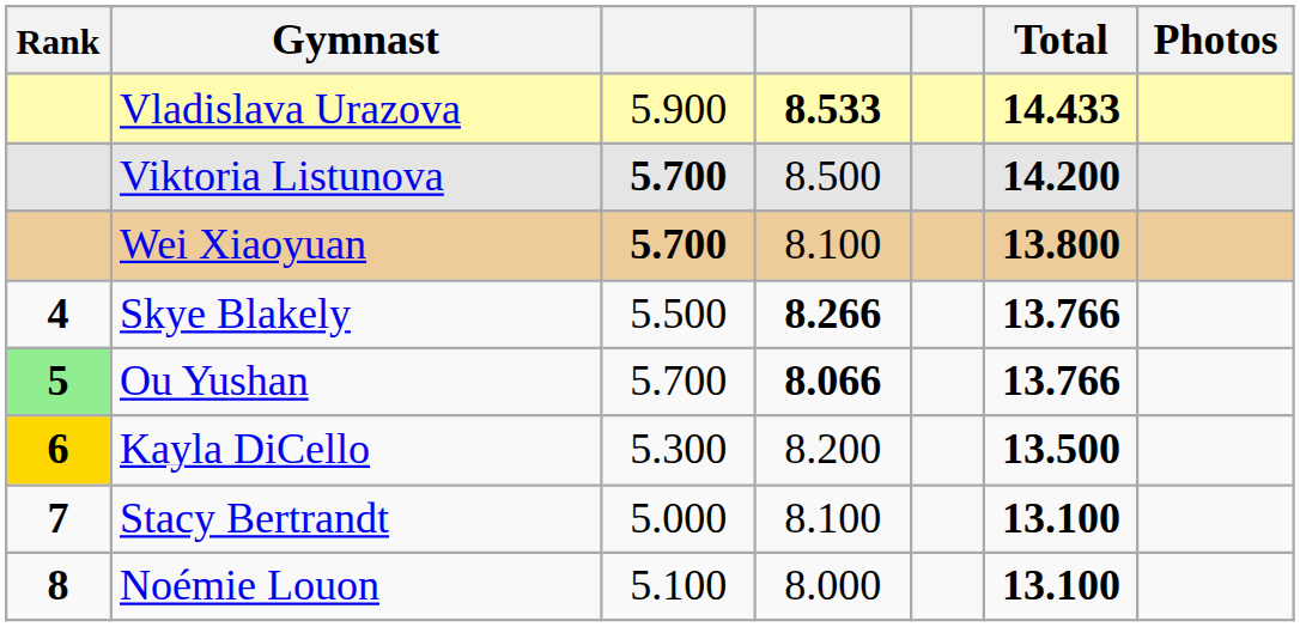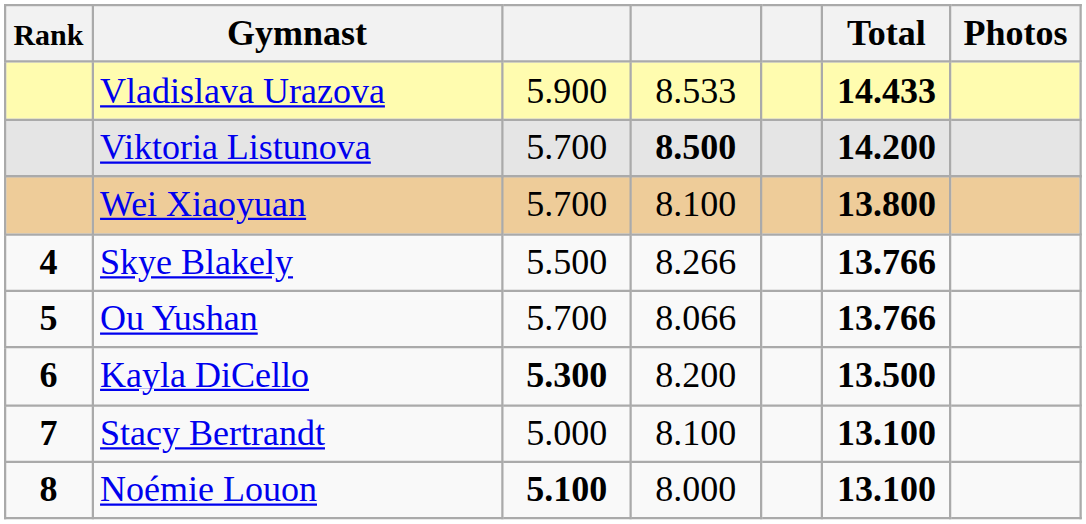 <table style="text-align:center;" class="wikitable sortable">
 <tr>
 <th scope="col" style="width:15px;"><small>Rank</small></th>
 <th scope="col" style="width:175px;">Gymnast</th>
 <th scope="col" style="width:50px;"><small></small></th>
 <th scope="col" style="width:50px;"><small></small></th>
 <th scope="col" style="width:20px;"><small></small></th>
 <th scope="col" style="width:50px;">Total</th>
 <th scope="col" style="width:50px;">Photos</th>
 </tr>
 <tr style="background:#fffcaf;">
 <td scope="row" style="text-align:center"><strong></strong></td>
 <td style="text-align:left;"> <a href='#'>Vladislava Urazova</a></td>
 <td>5.900</td>
-<td><strong>8.533</strong></td>
+<td>8.533</td>
 <td></td>
 <td><strong>14.433</strong></td>
 <td></td>
 </tr>
 <tr style="background:#e5e5e5;">
 <td scope="row" style="text-align:center"><strong></strong></td>
 <td style="text-align:left;"> <a href='#'>Viktoria Listunova</a></td>
-<td><strong>5.700</strong></td>
-<td>8.500</td>
+<td>5.700</td>
+<td><strong>8.500</strong></td>
 <td></td>
 <td><strong>14.200</strong></td>
 <td></td>
 </tr>
 <tr>
 </tr>
 <tr style="background:#ec9;">
 <td scope="row" style="text-align:center"><strong></strong></td>
 <td style="text-align:left;"> <a href='#'>Wei Xiaoyuan</a></td>
-<td><strong>5.700</strong></td>
+<td>5.700</td>
 <td>8.100</td>
 <td></td>
 <td><strong>13.800</strong></td>
 <td></td>
 </tr>
 <tr>
 <td scope="row" style="text-align:center"><strong>4</strong></td>
 <td style="text-align:left;"> <a href='#'>Skye Blakely</a></td>
 <td>5.500</td>
-<td><strong>8.266</strong></td>
+<td>8.266</td>
 <td></td>
 <td><strong>13.766</strong></td>
 <td></td>
 </tr>
 <tr>
-<td scope="row" style="background: lightgreen; text-align:center"><strong>5</strong></td>
+<td scope="row" style="text-align:center"><strong>5</strong></td>
 <td style="text-align:left;"> <a href='#'>Ou Yushan</a></td>
 <td>5.700</td>
-<td><strong>8.066</strong></td>
+<td>8.066</td>
 <td></td>
 <td><strong>13.766</strong></td>
 <td></td>
 </tr>
 <tr>
-<td scope="row" style="background: gold; text-align:center"><strong>6</strong></td>
+<td scope="row" style="text-align:center"><strong>6</strong></td>
 <td style="text-align:left;"> <a href='#'>Kayla DiCello</a></td>
-<td>5.300</td>
+<td><strong>5.300</strong></td>
 <td>8.200</td>
 <td></td>
 <td><strong>13.500</strong></td>
 <td></td>
 </tr>
 <tr>
 <td scope="row" style="text-align:center"><strong>7</strong></td>
 <td style="text-align:left;"> <a href='#'>Stacy Bertrandt</a></td>
 <td>5.000</td>
 <td>8.100</td>
 <td></td>
 <td><strong>13.100</strong></td>
 <td></td>
 </tr>
 <tr>
 <td scope="row" style="text-align:center"><strong>8</strong></td>
 <td style="text-align:left;"> <a href='#'>Noémie Louon</a></td>
-<td>5.100</td>
+<td><strong>5.100</strong></td>
 <td>8.000</td>
 <td></td>
 <td><strong>13.100</strong></td>
 <td></td>
 </tr>
 </table>
